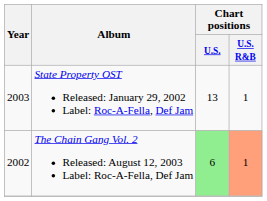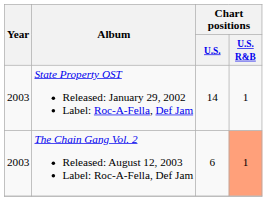 <table class="wikitable">
 <tr>
 <th rowspan="2">Year</th>
 <th rowspan="2">Album</th>
 <th colspan="3">Chart positions</th>
 </tr>
 <tr>
 <th align="center" width="40"><small><a href='#'>U.S.</a></small></th>
 <th align="center" width="40"><small><a href='#'>U.S. R&B</a></small></th>
 </tr>
 <tr>
 <td>2003</td>
 <td><em><a href='#'>State Property OST</a></em><br><ul><li>Released: January 29, 2002</li><li>Label: <a href='#'>Roc-A-Fella</a>, <a href='#'>Def Jam</a></li></ul></td>
-<td align="center">13</td>
+<td align="center">14</td>
 <td align="center">1</td>
 </tr>
 <tr>
-<td>2002</td>
+<td>2003</td>
 <td><em><a href='#'>The Chain Gang Vol. 2</a></em><br><ul><li>Released: August 12, 2003</li><li>Label: Roc-A-Fella, Def Jam</li></ul></td>
-<td align="center" style="background: lightgreen;">6</td>
+<td align="center">6</td>
 <td align="center" style="background: lightsalmon;">1</td>
 </tr>
 <tr>
 </tr>
 </table>
